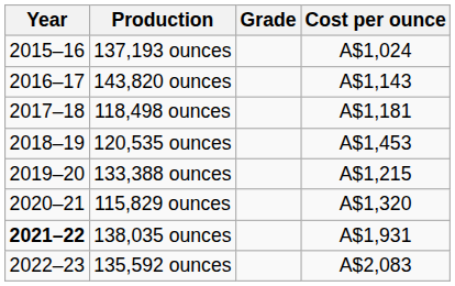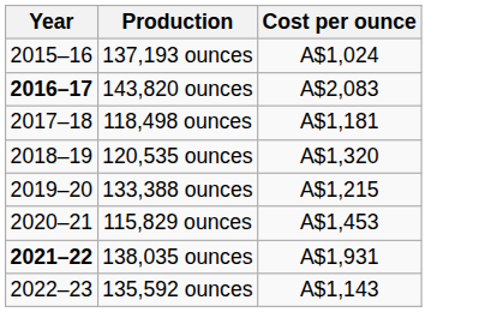 <table class="wikitable">
 <tr style="text-align:center;">
 <th>Year</th>
 <th>Production</th>
-<th>Grade</th>
 <th>Cost per ounce</th>
 </tr>
 <tr style="text-align:center;">
 <td>2015–16</td>
 <td>137,193 ounces</td>
-<td></td>
 <td>A$1,024</td>
 </tr>
 <tr style="text-align:center;">
-<td>2016–17</td>
+<td><strong>2016–17</strong></td>
 <td>143,820 ounces</td>
-<td></td>
-<td>A$1,143</td>
+<td>A$2,083</td>
 </tr>
 <tr style="text-align:center;">
 <td>2017–18</td>
 <td>118,498 ounces</td>
-<td></td>
 <td>A$1,181</td>
 </tr>
 <tr style="text-align:center;">
 <td>2018–19</td>
 <td>120,535 ounces</td>
-<td></td>
-<td>A$1,453</td>
+<td>A$1,320</td>
 </tr>
 <tr style="text-align:center;">
 <td>2019–20</td>
 <td>133,388 ounces</td>
-<td></td>
 <td>A$1,215</td>
 </tr>
 <tr style="text-align:center;">
 <td>2020–21</td>
 <td>115,829 ounces</td>
-<td></td>
-<td>A$1,320</td>
+<td>A$1,453</td>
 </tr>
 <tr style="text-align:center;">
 <td><strong>2021–22</strong></td>
 <td>138,035 ounces</td>
-<td></td>
 <td>A$1,931</td>
 </tr>
 <tr style="text-align:center;">
 <td>2022–23</td>
 <td>135,592 ounces</td>
-<td></td>
-<td>A$2,083</td>
+<td>A$1,143</td>
 </tr>
 </table>
